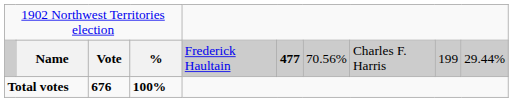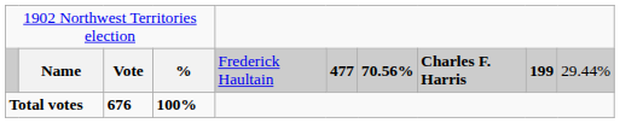 <table class="wikitable">
 <tr>
 <td colspan=4 align=center><a href='#'>1902 Northwest Territories election</a></td>
 </tr>
 <tr bgcolor="CCCCCC">
 <td></td>
 <th>Name</th>
 <th>Vote</th>
 <th>%<br></th>
 <td><a href='#'>Frederick Haultain</a></td>
 <td><strong>477</strong></td>
-<td>70.56%<br></td>
-<td>Charles F. Harris</td>
-<td>199</td>
+<td><strong>70.56%<br></strong></td>
+<td><strong>Charles F. Harris</strong></td>
+<td><strong>199</strong></td>
 <td>29.44%</td>
 </tr>
 <tr>
 <td colspan=2><strong>Total votes</strong></td>
 <td><strong>676</strong></td>
 <td alignment="left"><strong>100%</strong></td>
 </tr>
 </table>
